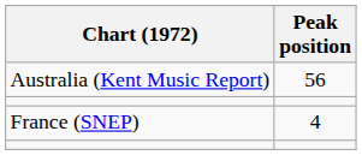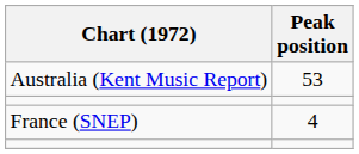 <table class="wikitable sortable plainrowheaders">
 <tr>
 <th>Chart (1972)</th>
 <th>Peak<br>position</th>
 </tr>
 <tr>
 <td align="left">Australia (<a href='#'>Kent Music Report</a>)</td>
-<td style="text-align:center;">56</td>
+<td style="text-align:center;">53</td>
 </tr>
 <tr>
 <td></td>
 </tr>
 <tr>
 <td>France (<a href='#'>SNEP</a>)</td>
 <td align="center">4</td>
 </tr>
 <tr>
 <td></td>
 </tr>
 <tr>
 </tr>
 </table>
